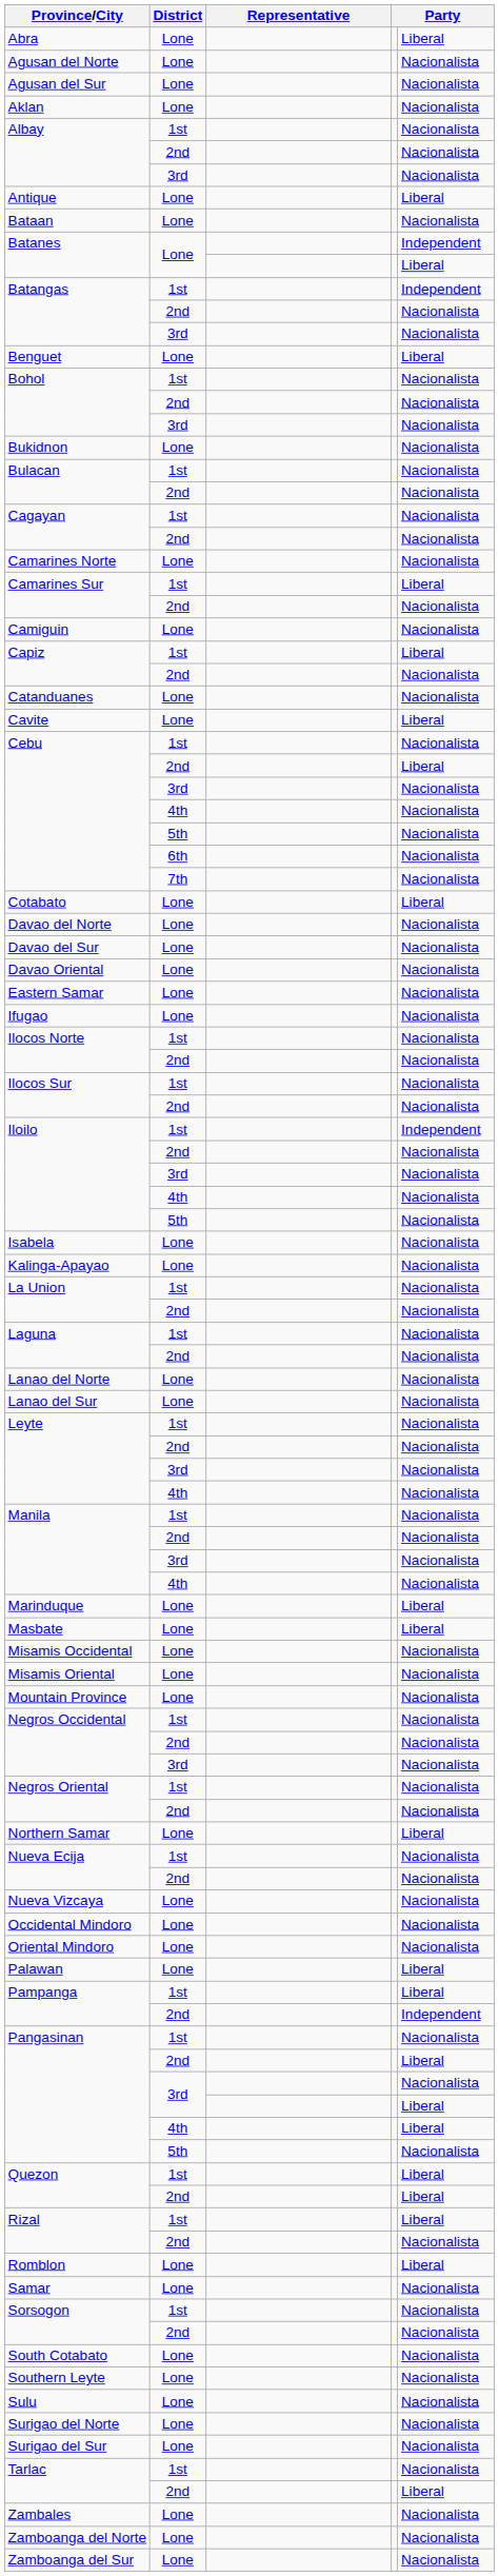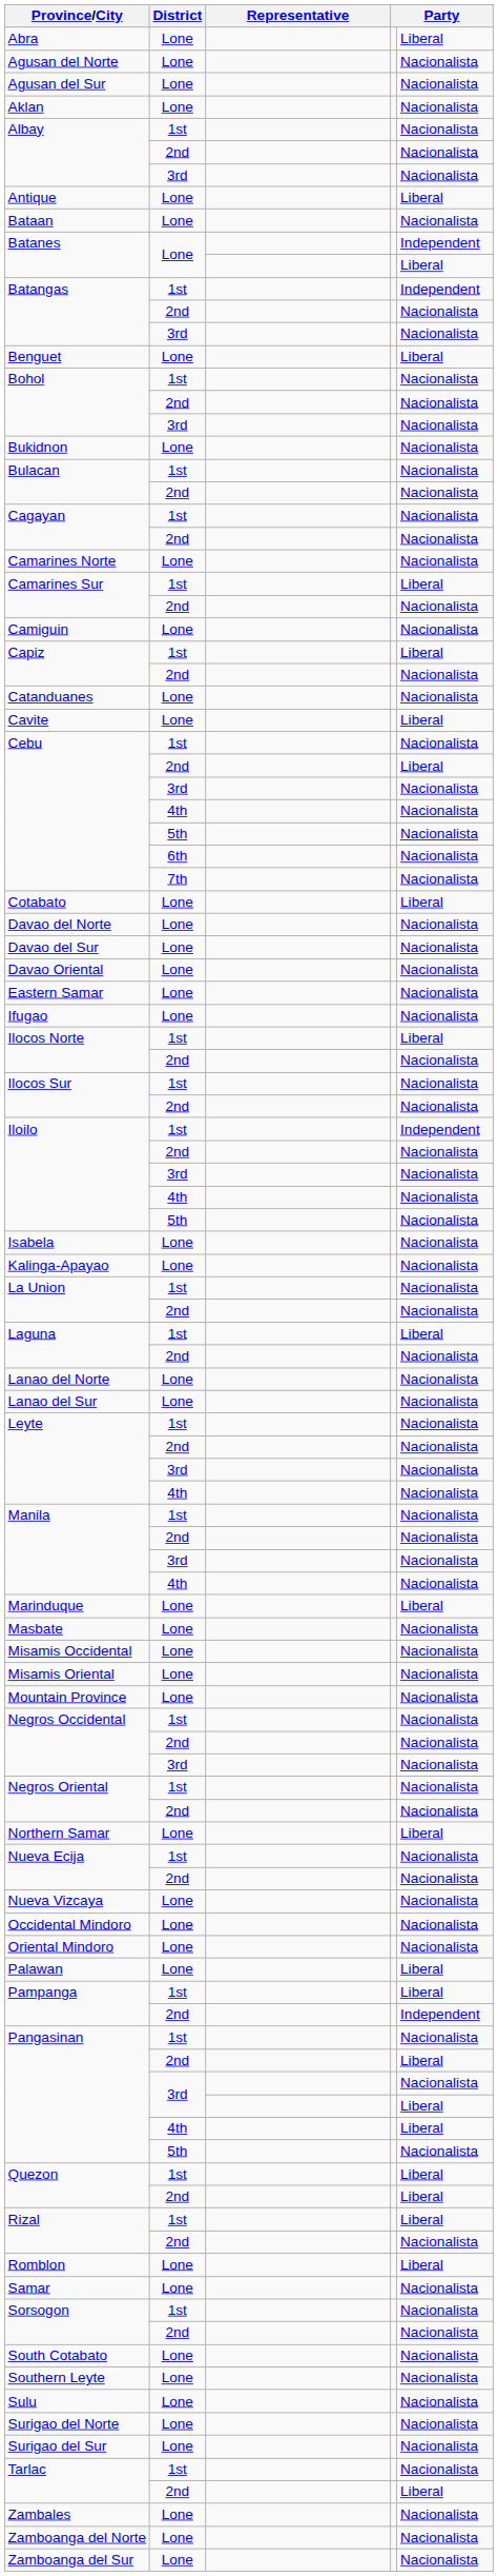 <table class="wikitable sortable">
 <tr>
 <th><a href='#'>Province</a>/<a href='#'>City</a></th>
 <th><a href='#'>District</a></th>
 <th width="200px"><a href='#'>Representative</a></th>
 <th colspan="2"><a href='#'>Party</a></th>
 </tr>
 <tr>
 <td valign="top"><a href='#'>Abra</a></td>
 <td align="center"><a href='#'>Lone</a></td>
 <td></td>
 <td></td>
 <td width="100px"><a href='#'>Liberal</a></td>
 </tr>
 <tr>
 <td valign="top"><a href='#'>Agusan del Norte</a></td>
 <td align="center"><a href='#'>Lone</a></td>
 <td></td>
 <td></td>
 <td><a href='#'>Nacionalista</a></td>
 </tr>
 <tr>
 <td valign="top"><a href='#'>Agusan del Sur</a></td>
 <td align="center"><a href='#'>Lone</a></td>
 <td></td>
 <td></td>
 <td><a href='#'>Nacionalista</a></td>
 </tr>
 <tr>
 <td valign="top"><a href='#'>Aklan</a></td>
 <td align="center"><a href='#'>Lone</a></td>
 <td></td>
 <td></td>
 <td><a href='#'>Nacionalista</a></td>
 </tr>
 <tr>
 <td rowspan="3" valign="top"><a href='#'>Albay</a></td>
 <td align="center"><a href='#'>1st</a></td>
 <td></td>
 <td></td>
 <td><a href='#'>Nacionalista</a></td>
 </tr>
 <tr>
 <td align="center"><a href='#'>2nd</a></td>
 <td></td>
 <td></td>
 <td><a href='#'>Nacionalista</a></td>
 </tr>
 <tr>
 <td align="center"><a href='#'>3rd</a></td>
 <td></td>
 <td></td>
 <td><a href='#'>Nacionalista</a></td>
 </tr>
 <tr>
 <td><a href='#'>Antique</a></td>
 <td align="center"><a href='#'>Lone</a></td>
 <td></td>
 <td></td>
 <td><a href='#'>Liberal</a></td>
 </tr>
 <tr>
 <td valign="top"><a href='#'>Bataan</a></td>
 <td align="center"><a href='#'>Lone</a></td>
 <td></td>
 <td></td>
 <td><a href='#'>Nacionalista</a></td>
 </tr>
 <tr>
 <td valign="top" rowspan="2"><a href='#'>Batanes</a></td>
 <td align="center" rowspan="2"><a href='#'>Lone</a></td>
 <td></td>
 <td></td>
 <td><a href='#'>Independent</a></td>
 </tr>
 <tr>
 <td></td>
 <td></td>
 <td><a href='#'>Liberal</a></td>
 </tr>
 <tr>
 <td rowspan="3" valign="top"><a href='#'>Batangas</a></td>
 <td align="center"><a href='#'>1st</a></td>
 <td></td>
 <td></td>
 <td><a href='#'>Independent</a></td>
 </tr>
 <tr>
 <td align="center"><a href='#'>2nd</a></td>
 <td></td>
 <td></td>
 <td><a href='#'>Nacionalista</a></td>
 </tr>
 <tr>
 <td align="center"><a href='#'>3rd</a></td>
 <td></td>
 <td></td>
 <td><a href='#'>Nacionalista</a></td>
 </tr>
 <tr>
 <td valign="top"><a href='#'>Benguet</a></td>
 <td align="center"><a href='#'>Lone</a></td>
 <td></td>
 <td></td>
 <td><a href='#'>Liberal</a></td>
 </tr>
 <tr>
 <td rowspan="3" valign="top"><a href='#'>Bohol</a></td>
 <td align="center"><a href='#'>1st</a></td>
 <td></td>
 <td></td>
 <td><a href='#'>Nacionalista</a></td>
 </tr>
 <tr>
 <td align="center"><a href='#'>2nd</a></td>
 <td></td>
 <td></td>
 <td><a href='#'>Nacionalista</a></td>
 </tr>
 <tr>
 <td align="center"><a href='#'>3rd</a></td>
 <td></td>
 <td></td>
 <td><a href='#'>Nacionalista</a></td>
 </tr>
 <tr>
 <td valign="top"><a href='#'>Bukidnon</a></td>
 <td align="center"><a href='#'>Lone</a></td>
 <td></td>
 <td></td>
 <td><a href='#'>Nacionalista</a></td>
 </tr>
 <tr>
 <td rowspan="2" valign="top"><a href='#'>Bulacan</a></td>
 <td align="center"><a href='#'>1st</a></td>
 <td></td>
 <td></td>
 <td><a href='#'>Nacionalista</a></td>
 </tr>
 <tr>
 <td align="center"><a href='#'>2nd</a></td>
 <td></td>
 <td></td>
 <td><a href='#'>Nacionalista</a></td>
 </tr>
 <tr>
 <td rowspan="2" valign="top"><a href='#'>Cagayan</a></td>
 <td align="center"><a href='#'>1st</a></td>
 <td></td>
 <td></td>
 <td><a href='#'>Nacionalista</a></td>
 </tr>
 <tr>
 <td align="center"><a href='#'>2nd</a></td>
 <td></td>
 <td></td>
 <td><a href='#'>Nacionalista</a></td>
 </tr>
 <tr>
 <td valign="top"><a href='#'>Camarines Norte</a></td>
 <td align="center"><a href='#'>Lone</a></td>
 <td></td>
 <td></td>
 <td><a href='#'>Nacionalista</a></td>
 </tr>
 <tr>
 <td rowspan="2" valign="top"><a href='#'>Camarines Sur</a></td>
 <td align="center"><a href='#'>1st</a></td>
 <td></td>
 <td></td>
 <td><a href='#'>Liberal</a></td>
 </tr>
 <tr>
 <td align="center"><a href='#'>2nd</a></td>
 <td></td>
 <td></td>
 <td><a href='#'>Nacionalista</a></td>
 </tr>
 <tr>
 <td valign="top"><a href='#'>Camiguin</a></td>
 <td align="center"><a href='#'>Lone</a></td>
 <td></td>
 <td></td>
 <td><a href='#'>Nacionalista</a></td>
 </tr>
 <tr>
 <td rowspan="2" valign="top"><a href='#'>Capiz</a></td>
 <td align="center"><a href='#'>1st</a></td>
 <td></td>
 <td></td>
 <td><a href='#'>Liberal</a></td>
 </tr>
 <tr>
 <td align="center"><a href='#'>2nd</a></td>
 <td></td>
 <td></td>
 <td><a href='#'>Nacionalista</a></td>
 </tr>
 <tr>
 <td valign="top"><a href='#'>Catanduanes</a></td>
 <td align="center"><a href='#'>Lone</a></td>
 <td></td>
 <td></td>
 <td><a href='#'>Nacionalista</a></td>
 </tr>
 <tr>
 <td valign="top"><a href='#'>Cavite</a></td>
 <td align="center"><a href='#'>Lone</a></td>
 <td></td>
 <td></td>
 <td><a href='#'>Liberal</a></td>
 </tr>
 <tr>
 <td rowspan="7" valign="top"><a href='#'>Cebu</a></td>
 <td align="center"><a href='#'>1st</a></td>
 <td></td>
 <td></td>
 <td><a href='#'>Nacionalista</a></td>
 </tr>
 <tr>
 <td align="center"><a href='#'>2nd</a></td>
 <td></td>
 <td></td>
 <td><a href='#'>Liberal</a></td>
 </tr>
 <tr>
 <td align="center"><a href='#'>3rd</a></td>
 <td></td>
 <td></td>
 <td><a href='#'>Nacionalista</a></td>
 </tr>
 <tr>
 <td align="center"><a href='#'>4th</a></td>
 <td></td>
 <td></td>
 <td><a href='#'>Nacionalista</a></td>
 </tr>
 <tr>
 <td align="center"><a href='#'>5th</a></td>
 <td></td>
 <td></td>
 <td><a href='#'>Nacionalista</a></td>
 </tr>
 <tr>
 <td align="center"><a href='#'>6th</a></td>
 <td></td>
 <td></td>
 <td><a href='#'>Nacionalista</a></td>
 </tr>
 <tr>
 <td align="center"><a href='#'>7th</a></td>
 <td></td>
 <td></td>
 <td><a href='#'>Nacionalista</a></td>
 </tr>
 <tr>
 <td valign="top"><a href='#'>Cotabato</a></td>
 <td align="center"><a href='#'>Lone</a></td>
 <td></td>
 <td></td>
 <td><a href='#'>Liberal</a></td>
 </tr>
 <tr>
 <td valign="top"><a href='#'>Davao del Norte</a></td>
 <td align="center"><a href='#'>Lone</a></td>
 <td></td>
 <td></td>
 <td><a href='#'>Nacionalista</a></td>
 </tr>
 <tr>
 <td valign="top"><a href='#'>Davao del Sur</a></td>
 <td align="center"><a href='#'>Lone</a></td>
 <td></td>
 <td></td>
 <td><a href='#'>Nacionalista</a></td>
 </tr>
 <tr>
 <td valign="top"><a href='#'>Davao Oriental</a></td>
 <td align="center"><a href='#'>Lone</a></td>
 <td></td>
 <td></td>
 <td><a href='#'>Nacionalista</a></td>
 </tr>
 <tr>
 <td valign="top"><a href='#'>Eastern Samar</a></td>
 <td align="center"><a href='#'>Lone</a></td>
 <td></td>
 <td></td>
 <td><a href='#'>Nacionalista</a></td>
 </tr>
 <tr>
 <td valign="top"><a href='#'>Ifugao</a></td>
 <td align="center"><a href='#'>Lone</a></td>
 <td></td>
 <td></td>
 <td><a href='#'>Nacionalista</a></td>
 </tr>
 <tr>
 <td rowspan="2" valign="top"><a href='#'>Ilocos Norte</a></td>
 <td align="center"><a href='#'>1st</a></td>
 <td></td>
 <td></td>
-<td><a href='#'>Nacionalista</a></td>
+<td><a href='#'>Liberal</a></td>
 </tr>
 <tr>
 <td align="center"><a href='#'>2nd</a></td>
 <td></td>
 <td></td>
 <td><a href='#'>Nacionalista</a></td>
 </tr>
 <tr>
 <td rowspan="2" valign="top"><a href='#'>Ilocos Sur</a></td>
 <td align="center"><a href='#'>1st</a></td>
 <td></td>
 <td></td>
 <td><a href='#'>Nacionalista</a></td>
 </tr>
 <tr>
 <td align="center"><a href='#'>2nd</a></td>
 <td></td>
 <td></td>
 <td><a href='#'>Nacionalista</a></td>
 </tr>
 <tr>
 <td rowspan="5" valign="top"><a href='#'>Iloilo</a></td>
 <td align="center"><a href='#'>1st</a></td>
 <td></td>
 <td></td>
 <td><a href='#'>Independent</a></td>
 </tr>
 <tr>
 <td align="center"><a href='#'>2nd</a></td>
 <td></td>
 <td></td>
 <td><a href='#'>Nacionalista</a></td>
 </tr>
 <tr>
 <td align="center"><a href='#'>3rd</a></td>
 <td></td>
 <td></td>
 <td><a href='#'>Nacionalista</a></td>
 </tr>
 <tr>
 <td align="center"><a href='#'>4th</a></td>
 <td></td>
 <td></td>
 <td><a href='#'>Nacionalista</a></td>
 </tr>
 <tr>
 <td align="center"><a href='#'>5th</a></td>
 <td></td>
 <td></td>
 <td><a href='#'>Nacionalista</a></td>
 </tr>
 <tr>
 <td valign="top"><a href='#'>Isabela</a></td>
 <td align="center"><a href='#'>Lone</a></td>
 <td></td>
 <td></td>
 <td><a href='#'>Nacionalista</a></td>
 </tr>
 <tr>
 <td valign="top"><a href='#'>Kalinga-Apayao</a></td>
 <td align="center"><a href='#'>Lone</a></td>
 <td></td>
 <td></td>
 <td><a href='#'>Nacionalista</a></td>
 </tr>
 <tr>
 <td rowspan="2" valign="top"><a href='#'>La Union</a></td>
 <td align="center"><a href='#'>1st</a></td>
 <td></td>
 <td></td>
 <td><a href='#'>Nacionalista</a></td>
 </tr>
 <tr>
 <td align="center"><a href='#'>2nd</a></td>
 <td></td>
 <td></td>
 <td><a href='#'>Nacionalista</a></td>
 </tr>
 <tr>
 <td rowspan="2" valign="top"><a href='#'>Laguna</a></td>
 <td align="center"><a href='#'>1st</a></td>
 <td></td>
 <td></td>
-<td><a href='#'>Nacionalista</a></td>
+<td><a href='#'>Liberal</a></td>
 </tr>
 <tr>
 <td align="center"><a href='#'>2nd</a></td>
 <td></td>
 <td></td>
 <td><a href='#'>Nacionalista</a></td>
 </tr>
 <tr>
 <td valign="top"><a href='#'>Lanao del Norte</a></td>
 <td align="center"><a href='#'>Lone</a></td>
 <td></td>
 <td></td>
 <td><a href='#'>Nacionalista</a></td>
 </tr>
 <tr>
 <td valign="top"><a href='#'>Lanao del Sur</a></td>
 <td align="center"><a href='#'>Lone</a></td>
 <td></td>
 <td></td>
 <td><a href='#'>Nacionalista</a></td>
 </tr>
 <tr>
 <td rowspan="4" valign="top"><a href='#'>Leyte</a></td>
 <td align="center"><a href='#'>1st</a></td>
 <td></td>
 <td></td>
 <td><a href='#'>Nacionalista</a></td>
 </tr>
 <tr>
 <td align="center"><a href='#'>2nd</a></td>
 <td></td>
 <td></td>
 <td><a href='#'>Nacionalista</a></td>
 </tr>
 <tr>
 <td align="center"><a href='#'>3rd</a></td>
 <td></td>
 <td></td>
 <td><a href='#'>Nacionalista</a></td>
 </tr>
 <tr>
 <td align="center"><a href='#'>4th</a></td>
 <td></td>
 <td></td>
 <td><a href='#'>Nacionalista</a></td>
 </tr>
 <tr>
 <td rowspan="4" valign="top"><a href='#'>Manila</a></td>
 <td align="center"><a href='#'>1st</a></td>
 <td></td>
 <td></td>
 <td><a href='#'>Nacionalista</a></td>
 </tr>
 <tr>
 <td align="center"><a href='#'>2nd</a></td>
 <td></td>
 <td></td>
 <td><a href='#'>Nacionalista</a></td>
 </tr>
 <tr>
 <td align="center"><a href='#'>3rd</a></td>
 <td></td>
 <td></td>
 <td><a href='#'>Nacionalista</a></td>
 </tr>
 <tr>
 <td align="center"><a href='#'>4th</a></td>
 <td></td>
 <td></td>
 <td><a href='#'>Nacionalista</a></td>
 </tr>
 <tr>
 <td valign="top"><a href='#'>Marinduque</a></td>
 <td align="center"><a href='#'>Lone</a></td>
 <td></td>
 <td></td>
 <td><a href='#'>Liberal</a></td>
 </tr>
 <tr>
 <td valign="top"><a href='#'>Masbate</a></td>
 <td align="center"><a href='#'>Lone</a></td>
 <td></td>
 <td></td>
-<td><a href='#'>Liberal</a></td>
+<td><a href='#'>Nacionalista</a></td>
 </tr>
 <tr>
 <td valign="top"><a href='#'>Misamis Occidental</a></td>
 <td align="center"><a href='#'>Lone</a></td>
 <td></td>
 <td></td>
 <td><a href='#'>Nacionalista</a></td>
 </tr>
 <tr>
 <td valign="top"><a href='#'>Misamis Oriental</a></td>
 <td align="center"><a href='#'>Lone</a></td>
 <td></td>
 <td></td>
 <td><a href='#'>Nacionalista</a></td>
 </tr>
 <tr>
 <td valign="top"><a href='#'>Mountain Province</a></td>
 <td align="center"><a href='#'>Lone</a></td>
 <td></td>
 <td></td>
 <td><a href='#'>Nacionalista</a></td>
 </tr>
 <tr>
 <td rowspan="3" valign="top"><a href='#'>Negros Occidental</a></td>
 <td align="center"><a href='#'>1st</a></td>
 <td></td>
 <td></td>
 <td><a href='#'>Nacionalista</a></td>
 </tr>
 <tr>
 <td align="center"><a href='#'>2nd</a></td>
 <td></td>
 <td></td>
 <td><a href='#'>Nacionalista</a></td>
 </tr>
 <tr>
 <td align="center"><a href='#'>3rd</a></td>
 <td></td>
 <td></td>
 <td><a href='#'>Nacionalista</a></td>
 </tr>
 <tr>
 <td rowspan="2" valign="top"><a href='#'>Negros Oriental</a></td>
 <td align="center"><a href='#'>1st</a></td>
 <td></td>
 <td></td>
 <td><a href='#'>Nacionalista</a></td>
 </tr>
 <tr>
 <td align="center"><a href='#'>2nd</a></td>
 <td></td>
 <td></td>
 <td><a href='#'>Nacionalista</a></td>
 </tr>
 <tr>
 <td valign="top"><a href='#'>Northern Samar</a></td>
 <td align="center"><a href='#'>Lone</a></td>
 <td></td>
 <td></td>
 <td><a href='#'>Liberal</a></td>
 </tr>
 <tr>
 <td rowspan="2" valign="top"><a href='#'>Nueva Ecija</a></td>
 <td align="center"><a href='#'>1st</a></td>
 <td></td>
 <td></td>
 <td><a href='#'>Nacionalista</a></td>
 </tr>
 <tr>
 <td align="center"><a href='#'>2nd</a></td>
 <td></td>
 <td></td>
 <td><a href='#'>Nacionalista</a></td>
 </tr>
 <tr>
 <td valign="top"><a href='#'>Nueva Vizcaya</a></td>
 <td align="center"><a href='#'>Lone</a></td>
 <td></td>
 <td></td>
 <td><a href='#'>Nacionalista</a></td>
 </tr>
 <tr>
 <td valign="top"><a href='#'>Occidental Mindoro</a></td>
 <td align="center"><a href='#'>Lone</a></td>
 <td></td>
 <td></td>
 <td><a href='#'>Nacionalista</a></td>
 </tr>
 <tr>
 <td valign="top"><a href='#'>Oriental Mindoro</a></td>
 <td align="center"><a href='#'>Lone</a></td>
 <td></td>
 <td></td>
 <td><a href='#'>Nacionalista</a></td>
 </tr>
 <tr>
 <td valign="top"><a href='#'>Palawan</a></td>
 <td align="center"><a href='#'>Lone</a></td>
 <td></td>
 <td></td>
 <td><a href='#'>Liberal</a></td>
 </tr>
 <tr>
 <td rowspan="2" valign="top"><a href='#'>Pampanga</a></td>
 <td align="center"><a href='#'>1st</a></td>
 <td></td>
 <td></td>
 <td><a href='#'>Liberal</a></td>
 </tr>
 <tr>
 <td align="center"><a href='#'>2nd</a></td>
 <td></td>
 <td></td>
 <td><a href='#'>Independent</a></td>
 </tr>
 <tr>
 <td rowspan="6" valign="top"><a href='#'>Pangasinan</a></td>
 <td align="center"><a href='#'>1st</a></td>
 <td></td>
 <td></td>
 <td><a href='#'>Nacionalista</a></td>
 </tr>
 <tr>
 <td align="center"><a href='#'>2nd</a></td>
 <td></td>
 <td></td>
 <td><a href='#'>Liberal</a></td>
 </tr>
 <tr>
 <td rowspan="2" align="center"><a href='#'>3rd</a></td>
 <td></td>
 <td></td>
 <td><a href='#'>Nacionalista</a></td>
 </tr>
 <tr>
 <td></td>
 <td></td>
 <td><a href='#'>Liberal</a></td>
 </tr>
 <tr>
 <td align="center"><a href='#'>4th</a></td>
 <td></td>
 <td></td>
 <td><a href='#'>Liberal</a></td>
 </tr>
 <tr>
 <td align="center"><a href='#'>5th</a></td>
 <td></td>
 <td></td>
 <td><a href='#'>Nacionalista</a></td>
 </tr>
 <tr>
 <td rowspan="2"  valign="top"><a href='#'>Quezon</a></td>
 <td align="center"><a href='#'>1st</a></td>
 <td></td>
 <td></td>
 <td><a href='#'>Liberal</a></td>
 </tr>
 <tr>
 <td align="center"><a href='#'>2nd</a></td>
 <td></td>
 <td></td>
 <td><a href='#'>Liberal</a></td>
 </tr>
 <tr>
 <td rowspan="2" valign="top"><a href='#'>Rizal</a></td>
 <td align="center"><a href='#'>1st</a></td>
 <td></td>
 <td></td>
 <td><a href='#'>Liberal</a></td>
 </tr>
 <tr>
 <td align="center"><a href='#'>2nd</a></td>
 <td></td>
 <td></td>
 <td><a href='#'>Nacionalista</a></td>
 </tr>
 <tr>
 <td valign="top"><a href='#'>Romblon</a></td>
 <td align="center"><a href='#'>Lone</a></td>
 <td></td>
 <td></td>
 <td><a href='#'>Liberal</a></td>
 </tr>
 <tr>
 <td valign="top"><a href='#'>Samar</a></td>
 <td align="center"><a href='#'>Lone</a></td>
 <td></td>
 <td></td>
 <td><a href='#'>Nacionalista</a></td>
 </tr>
 <tr>
 <td rowspan="2" valign="top"><a href='#'>Sorsogon</a></td>
 <td align="center"><a href='#'>1st</a></td>
 <td></td>
 <td></td>
 <td><a href='#'>Nacionalista</a></td>
 </tr>
 <tr>
 <td align="center"><a href='#'>2nd</a></td>
 <td></td>
 <td></td>
 <td><a href='#'>Nacionalista</a></td>
 </tr>
 <tr>
 <td valign="top"><a href='#'>South Cotabato</a></td>
 <td align="center"><a href='#'>Lone</a></td>
 <td></td>
 <td></td>
 <td><a href='#'>Nacionalista</a></td>
 </tr>
 <tr>
 <td valign="top"><a href='#'>Southern Leyte</a></td>
 <td align="center"><a href='#'>Lone</a></td>
 <td></td>
 <td></td>
 <td><a href='#'>Nacionalista</a></td>
 </tr>
 <tr>
 <td valign="top"><a href='#'>Sulu</a></td>
 <td align="center"><a href='#'>Lone</a></td>
 <td></td>
 <td></td>
 <td><a href='#'>Nacionalista</a></td>
 </tr>
 <tr>
 <td valign="top"><a href='#'>Surigao del Norte</a></td>
 <td align="center"><a href='#'>Lone</a></td>
 <td></td>
 <td></td>
 <td><a href='#'>Nacionalista</a></td>
 </tr>
 <tr>
 <td valign="top"><a href='#'>Surigao del Sur</a></td>
 <td align="center"><a href='#'>Lone</a></td>
 <td></td>
 <td></td>
 <td><a href='#'>Nacionalista</a></td>
 </tr>
 <tr>
 <td rowspan="2" valign="top"><a href='#'>Tarlac</a></td>
 <td align="center"><a href='#'>1st</a></td>
 <td></td>
 <td></td>
 <td><a href='#'>Nacionalista</a></td>
 </tr>
 <tr>
 <td align="center"><a href='#'>2nd</a></td>
 <td></td>
 <td></td>
 <td><a href='#'>Liberal</a></td>
 </tr>
 <tr>
 <td valign="top"><a href='#'>Zambales</a></td>
 <td align="center"><a href='#'>Lone</a></td>
 <td></td>
 <td></td>
 <td><a href='#'>Nacionalista</a></td>
 </tr>
 <tr>
 <td valign="top"><a href='#'>Zamboanga del Norte</a></td>
 <td align="center"><a href='#'>Lone</a></td>
 <td></td>
 <td></td>
 <td><a href='#'>Nacionalista</a></td>
 </tr>
 <tr>
 <td valign="top"><a href='#'>Zamboanga del Sur</a></td>
 <td align="center"><a href='#'>Lone</a></td>
 <td></td>
 <td></td>
 <td><a href='#'>Nacionalista</a></td>
 </tr>
 </table>
